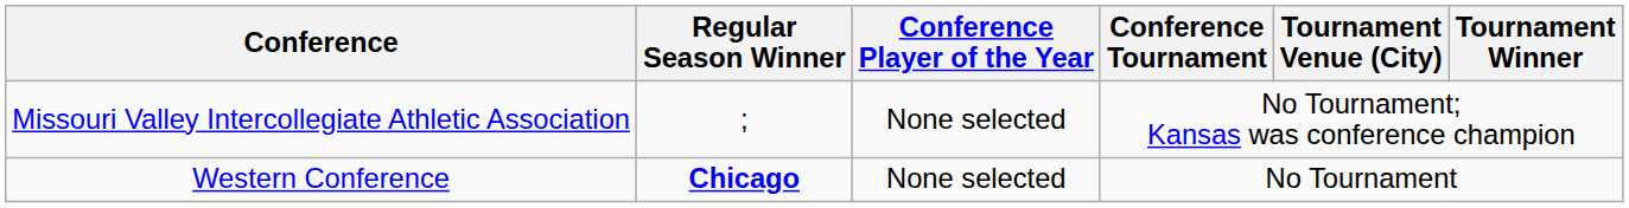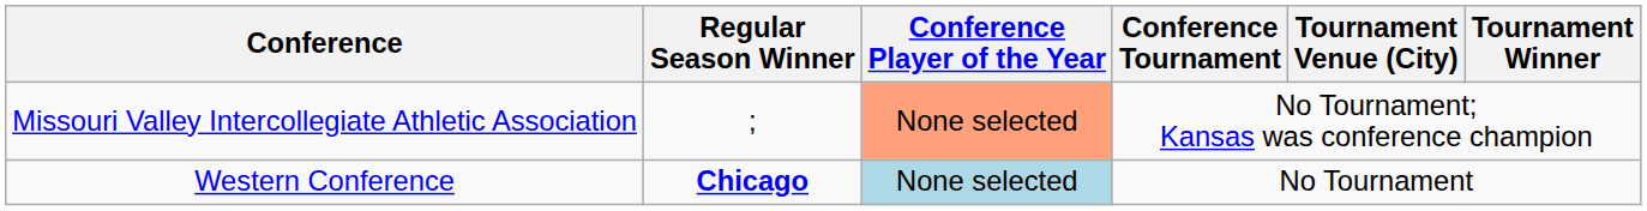 <table class="wikitable" style="text-align:center;">
 <tr>
 <th>Conference</th>
 <th>Regular <br> Season Winner</th>
 <th><a href='#'>Conference <br> Player of the Year</a></th>
 <th>Conference <br> Tournament</th>
 <th>Tournament <br> Venue (City)</th>
 <th>Tournament <br> Winner</th>
 </tr>
 <tr>
 <td><a href='#'>Missouri Valley Intercollegiate Athletic Association</a></td>
 <td>;<br></td>
-<td>None selected</td>
+<td style="background: lightsalmon;">None selected</td>
 <td colspan=3>No Tournament;<br><a href='#'>Kansas</a> was conference champion</td>
 </tr>
 <tr>
 <td><a href='#'>Western Conference</a></td>
 <td><strong><a href='#'>Chicago</a></strong></td>
-<td>None selected</td>
+<td style="background: lightblue;">None selected</td>
 <td colspan=3>No Tournament</td>
 </tr>
 </table>
